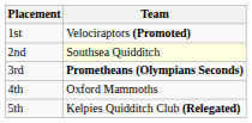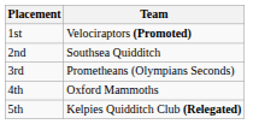 <table class="wikitable">
 <tr>
 <th>Placement</th>
 <th>Team</th>
 </tr>
 <tr>
 <td>1st</td>
 <td>Velociraptors <strong>(Promoted)</strong></td>
 </tr>
 <tr>
 <td>2nd</td>
-<td style="background: lightyellow;">Southsea Quidditch</td>
+<td>Southsea Quidditch</td>
 </tr>
 <tr>
 <td>3rd</td>
-<td><strong>Prometheans (Olympians Seconds)</strong></td>
+<td>Prometheans (Olympians Seconds)</td>
 </tr>
 <tr>
 <td>4th</td>
 <td>Oxford Mammoths</td>
 </tr>
 <tr>
 <td>5th</td>
 <td>Kelpies Quidditch Club <strong>(Relegated)</strong></td>
 </tr>
 </table>
